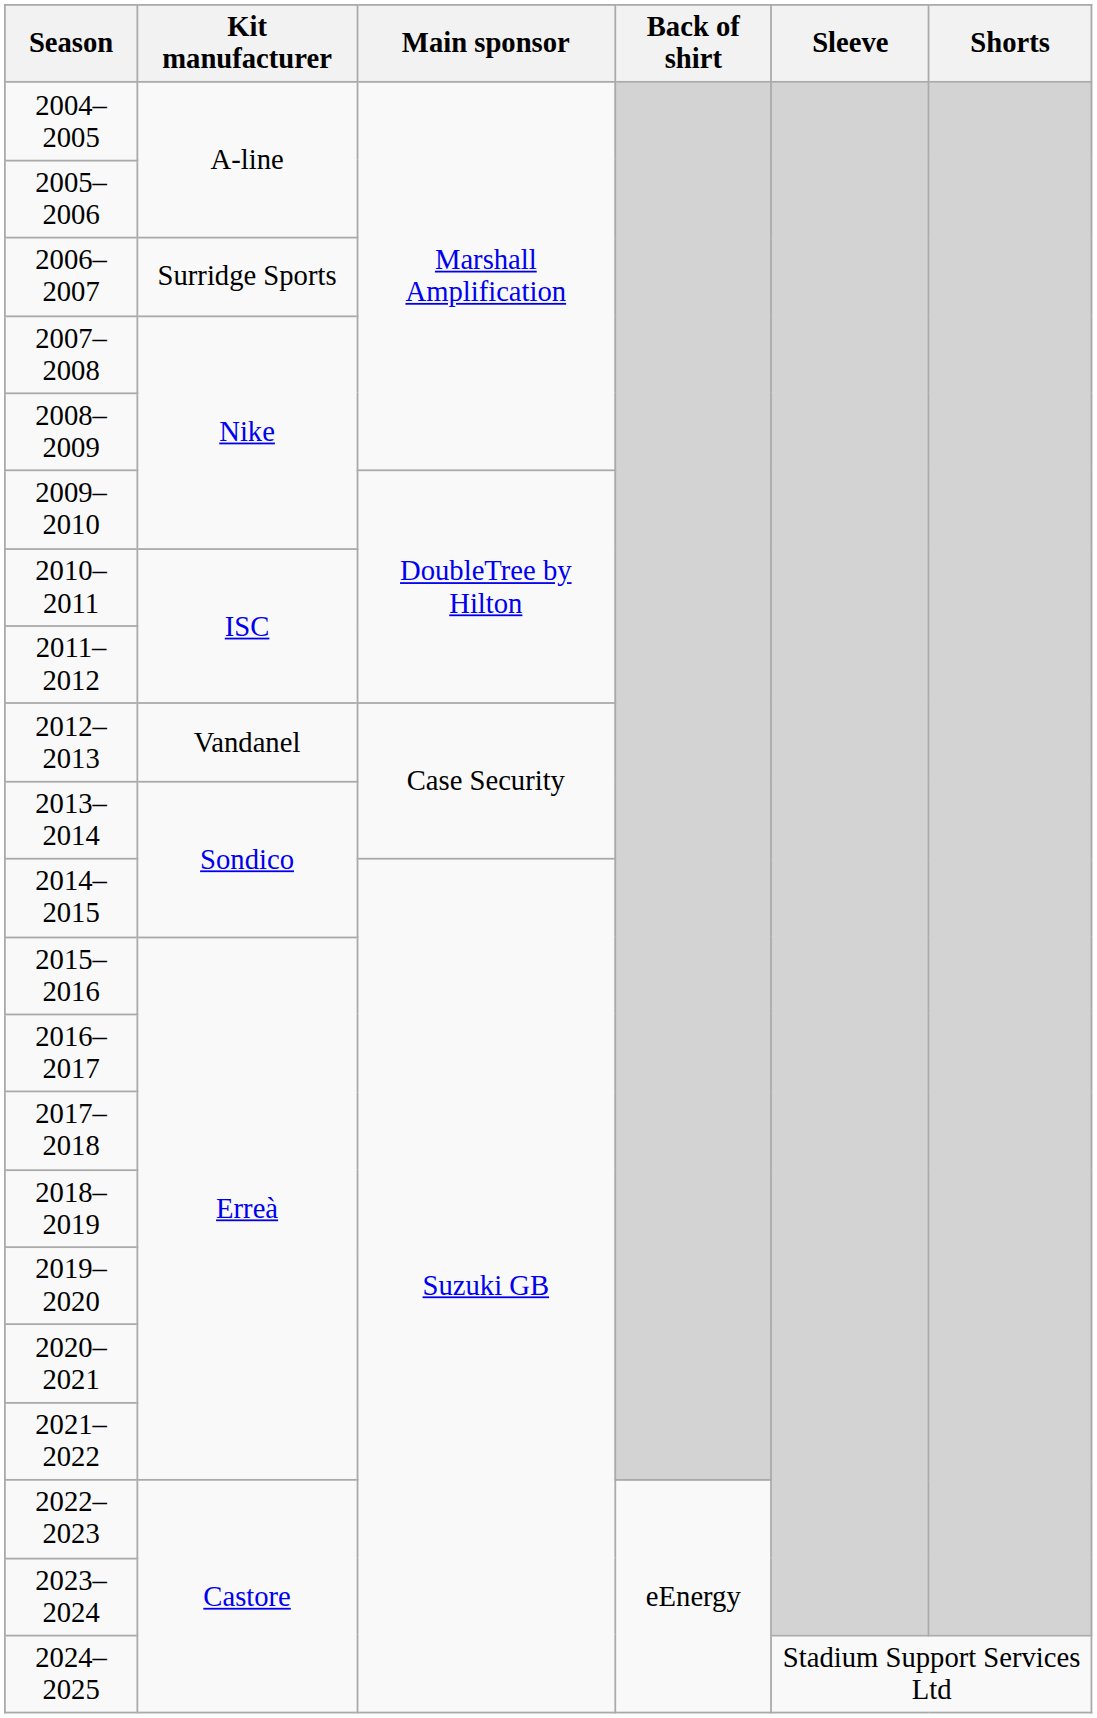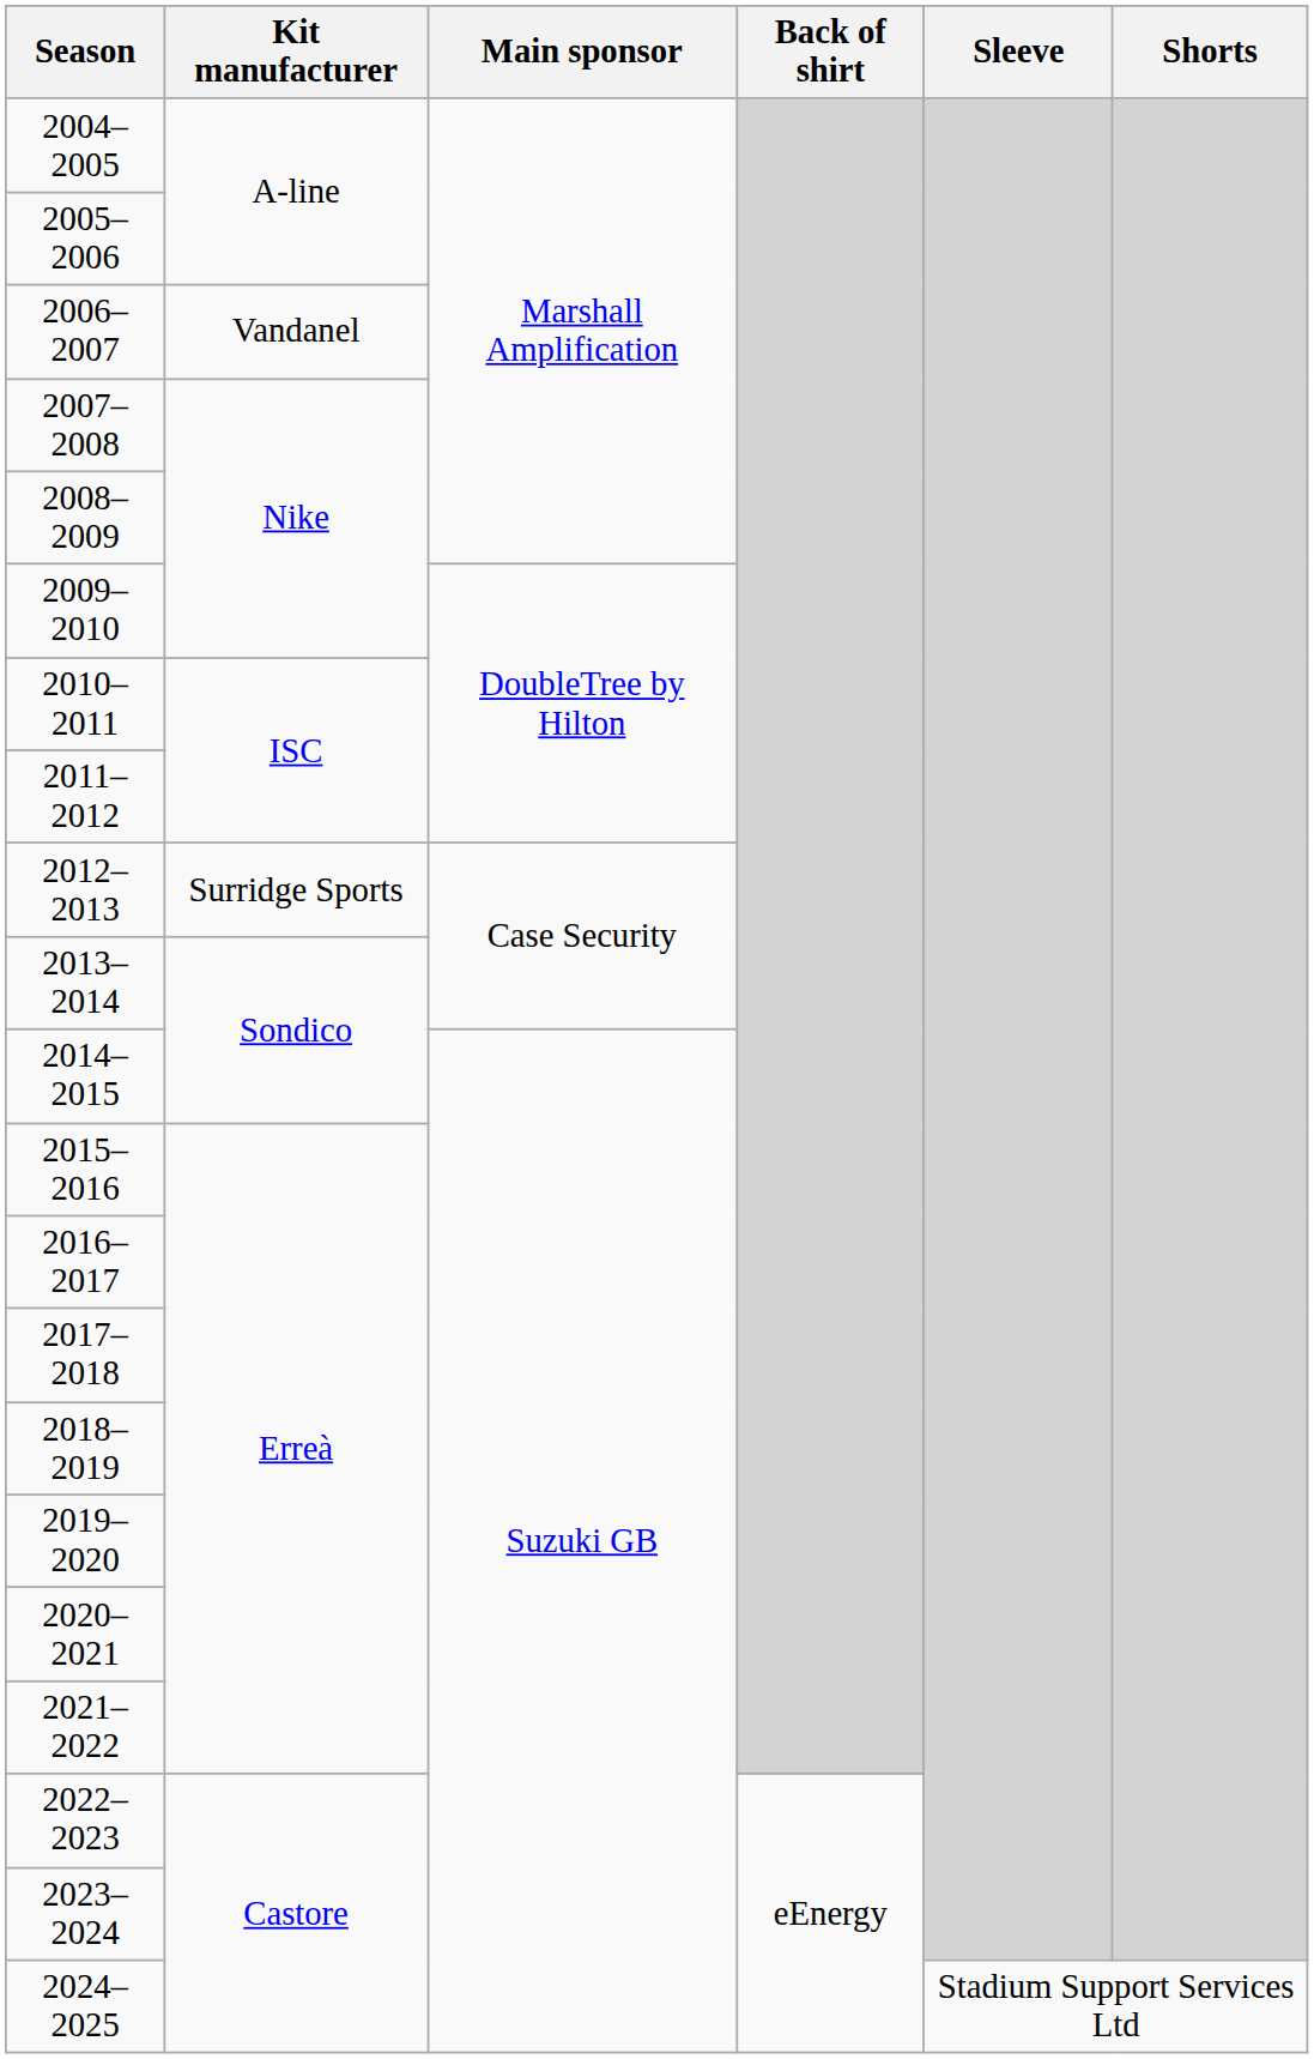 <table class="wikitable" style="text-align:center;">
 <tr>
 <th>Season</th>
 <th>Kit manufacturer</th>
 <th>Main sponsor</th>
 <th>Back of shirt</th>
 <th>Sleeve</th>
 <th>Shorts</th>
 </tr>
 <tr>
 <td>2004–2005</td>
 <td rowspan=2>A-line</td>
 <td rowspan=5><a href='#'>Marshall Amplification</a></td>
 <td bgcolor="lightgrey" rowspan="18"></td>
 <td bgcolor = "lightgrey" rowspan="20" colspan="1"></td>
 <td bgcolor = "lightgrey" rowspan="20" colspan="2"></td>
 </tr>
 <tr>
 <td>2005–2006</td>
 </tr>
 <tr>
 <td>2006–2007</td>
-<td>Surridge Sports</td>
+<td>Vandanel</td>
 </tr>
 <tr>
 <td>2007–2008</td>
 <td rowspan=3><a href='#'>Nike</a></td>
 </tr>
 <tr>
 <td>2008–2009</td>
 </tr>
 <tr>
 <td>2009–2010</td>
 <td rowspan=3><a href='#'>DoubleTree by Hilton</a></td>
 </tr>
 <tr>
 <td>2010–2011</td>
 <td rowspan=2><a href='#'>ISC</a></td>
 </tr>
 <tr>
 <td>2011–2012</td>
 </tr>
 <tr>
 <td>2012–2013</td>
-<td>Vandanel</td>
+<td>Surridge Sports</td>
 <td rowspan="2">Case Security</td>
 </tr>
 <tr>
 <td>2013–2014</td>
 <td rowspan=2><a href='#'>Sondico</a></td>
 </tr>
 <tr>
 <td>2014–2015</td>
 <td rowspan=11><a href='#'>Suzuki GB</a></td>
 </tr>
 <tr>
 <td>2015–2016</td>
 <td rowspan=7><a href='#'>Erreà</a></td>
 </tr>
 <tr>
 <td>2016–2017</td>
 </tr>
 <tr>
 <td>2017–2018</td>
 </tr>
 <tr>
 <td>2018–2019</td>
 </tr>
 <tr>
 <td>2019–2020</td>
 </tr>
 <tr>
 <td>2020–2021</td>
 </tr>
 <tr>
 <td>2021–2022</td>
 </tr>
 <tr>
 <td>2022–2023</td>
 <td rowspan="3"><a href='#'>Castore</a></td>
 <td rowspan="3" align="center">eEnergy </td>
 </tr>
 <tr>
 <td>2023–2024</td>
 </tr>
 <tr>
 <td>2024–2025</td>
 <td colspan="2">Stadium Support Services Ltd</td>
 </tr>
 </table>
